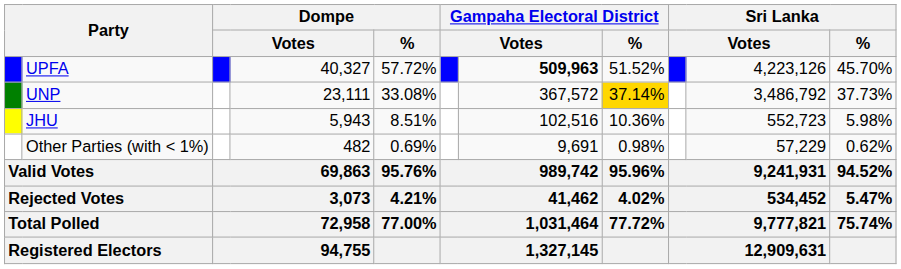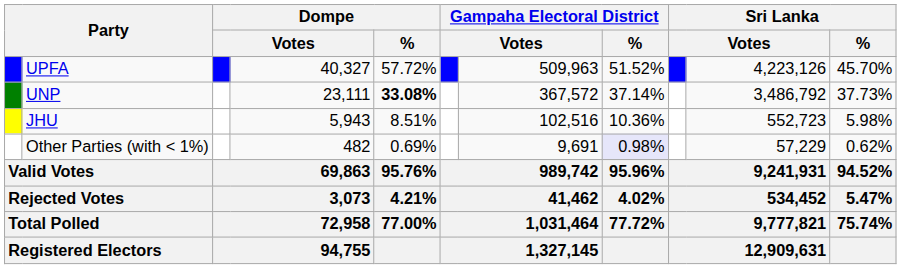 <table class="wikitable">
 <tr>
 <th colspan="2" width="144px"rowspan="2">Party</th>
 <th colspan="3" width="216px">Dompe</th>
 <th colspan="3" width="216px"><a href='#'>Gampaha Electoral District</a></th>
 <th colspan="3" width="216px">Sri Lanka</th>
 </tr>
 <tr>
 <th colspan="2" width="144px">Votes</th>
 <th>%</th>
 <th colspan="2" width="144px">Votes</th>
 <th>%</th>
 <th colspan="2" width="144px">Votes</th>
 <th>%</th>
 </tr>
 <tr>
 <td style="background-color:blue;" width="10px"></td>
 <td style="text-align:left;"><a href='#'>UPFA</a></td>
 <td style="background-color:blue;" width="10px"></td>
 <td style="text-align:right;">40,327</td>
 <td style="text-align:right;">57.72%</td>
 <td style="background-color:blue;" width="10px"></td>
-<td style="text-align:right;"><strong>509,963</strong></td>
+<td style="text-align:right;">509,963</td>
 <td style="text-align:right;">51.52%</td>
 <td style="background-color:blue;" width="10px"></td>
 <td style="text-align:right;">4,223,126</td>
 <td style="text-align:right;">45.70%</td>
 </tr>
 <tr>
 <td style="background-color:green;" width="10px"></td>
 <td style="text-align:left;"><a href='#'>UNP</a></td>
 <td style="background-color:white;" width="10px"></td>
 <td style="text-align:right;">23,111</td>
-<td style="text-align:right;">33.08%</td>
+<td style="text-align:right;"><strong>33.08%</strong></td>
 <td style="background-color:white;" width="10px"></td>
 <td style="text-align:right;">367,572</td>
-<td style="background: gold; text-align:right;">37.14%</td>
+<td style="text-align:right;">37.14%</td>
 <td style="background-color:white;" width="10px"></td>
 <td style="text-align:right;">3,486,792</td>
 <td style="text-align:right;">37.73%</td>
 </tr>
 <tr>
 <td style="background-color:yellow;" width="10px"></td>
 <td style="text-align:left;"><a href='#'>JHU</a></td>
 <td style="background-color:white;" width="10px"></td>
 <td style="text-align:right;">5,943</td>
 <td style="text-align:right;">8.51%</td>
 <td style="background-color:white;" width="10px"></td>
 <td style="text-align:right;">102,516</td>
 <td style="text-align:right;">10.36%</td>
 <td style="background-color:white;" width="10px"></td>
 <td style="text-align:right;">552,723</td>
 <td style="text-align:right;">5.98%</td>
 </tr>
 <tr>
 <td style="background-color:white;" width="10px"></td>
 <td style="text-align:left;">Other Parties (with < 1%)</td>
 <td style="background-color:white;" width="10px"></td>
 <td style="text-align:right;">482</td>
 <td style="text-align:right;">0.69%</td>
 <td style="background-color:white;" width="10px"></td>
 <td style="text-align:right;">9,691</td>
-<td style="text-align:right;">0.98%</td>
+<td style="background: lavender; text-align:right;">0.98%</td>
 <td style="background-color:white;" width="10px"></td>
 <td style="text-align:right;">57,229</td>
 <td style="text-align:right;">0.62%</td>
 </tr>
 <tr>
 <th colspan="2" width="144px"style="text-align:left;">Valid Votes</th>
 <th style="text-align:right;"colspan="2" width="144px">69,863</th>
 <th style="text-align:right;">95.76%</th>
 <th style="text-align:right;"colspan="2" width="144px">989,742</th>
 <th style="text-align:right;">95.96%</th>
 <th style="text-align:right;"colspan="2" width="144px">9,241,931</th>
 <th style="text-align:right;">94.52%</th>
 </tr>
 <tr>
 <th colspan="2" width="144px"style="text-align:left;">Rejected Votes</th>
 <th style="text-align:right;"colspan="2" width="144px">3,073</th>
 <th style="text-align:right;">4.21%</th>
 <th style="text-align:right;"colspan="2" width="144px">41,462</th>
 <th style="text-align:right;">4.02%</th>
 <th style="text-align:right;"colspan="2" width="144px">534,452</th>
 <th style="text-align:right;">5.47%</th>
 </tr>
 <tr>
 <th colspan="2" width="144px"style="text-align:left;">Total Polled</th>
 <th style="text-align:right;"colspan="2" width="144px">72,958</th>
 <th style="text-align:right;">77.00%</th>
 <th style="text-align:right;"colspan="2" width="144px">1,031,464</th>
 <th style="text-align:right;">77.72%</th>
 <th style="text-align:right;"colspan="2" width="144px">9,777,821</th>
 <th style="text-align:right;">75.74%</th>
 </tr>
 <tr>
 <th colspan="2" width="144px"style="text-align:left;">Registered Electors</th>
 <th style="text-align:right;"colspan="2" width="144px">94,755</th>
 <th></th>
 <th style="text-align:right;"colspan="2" width="144px">1,327,145</th>
 <th></th>
 <th style="text-align:right;"colspan="2" width="144px">12,909,631</th>
 <th></th>
 </tr>
 </table>
